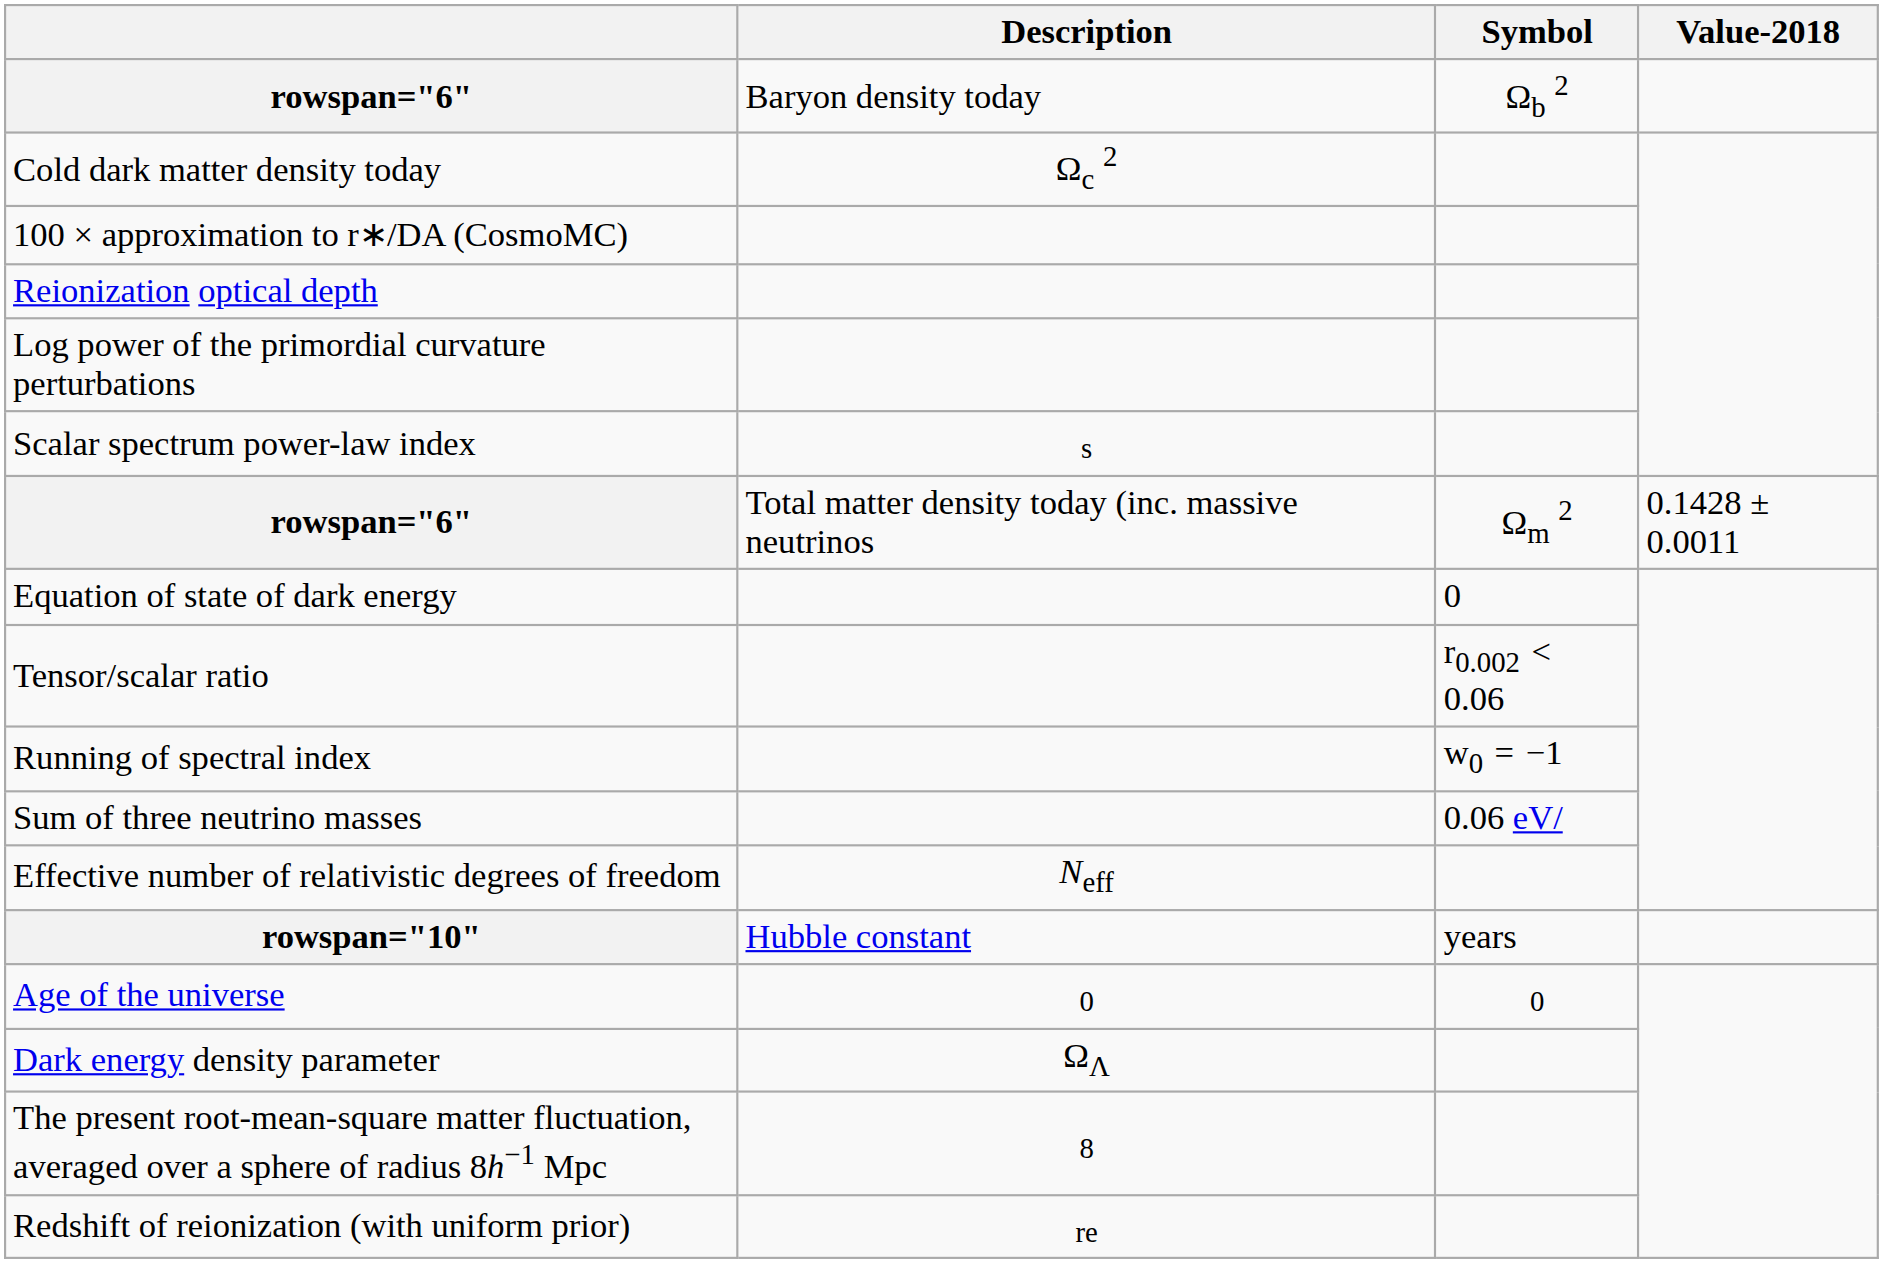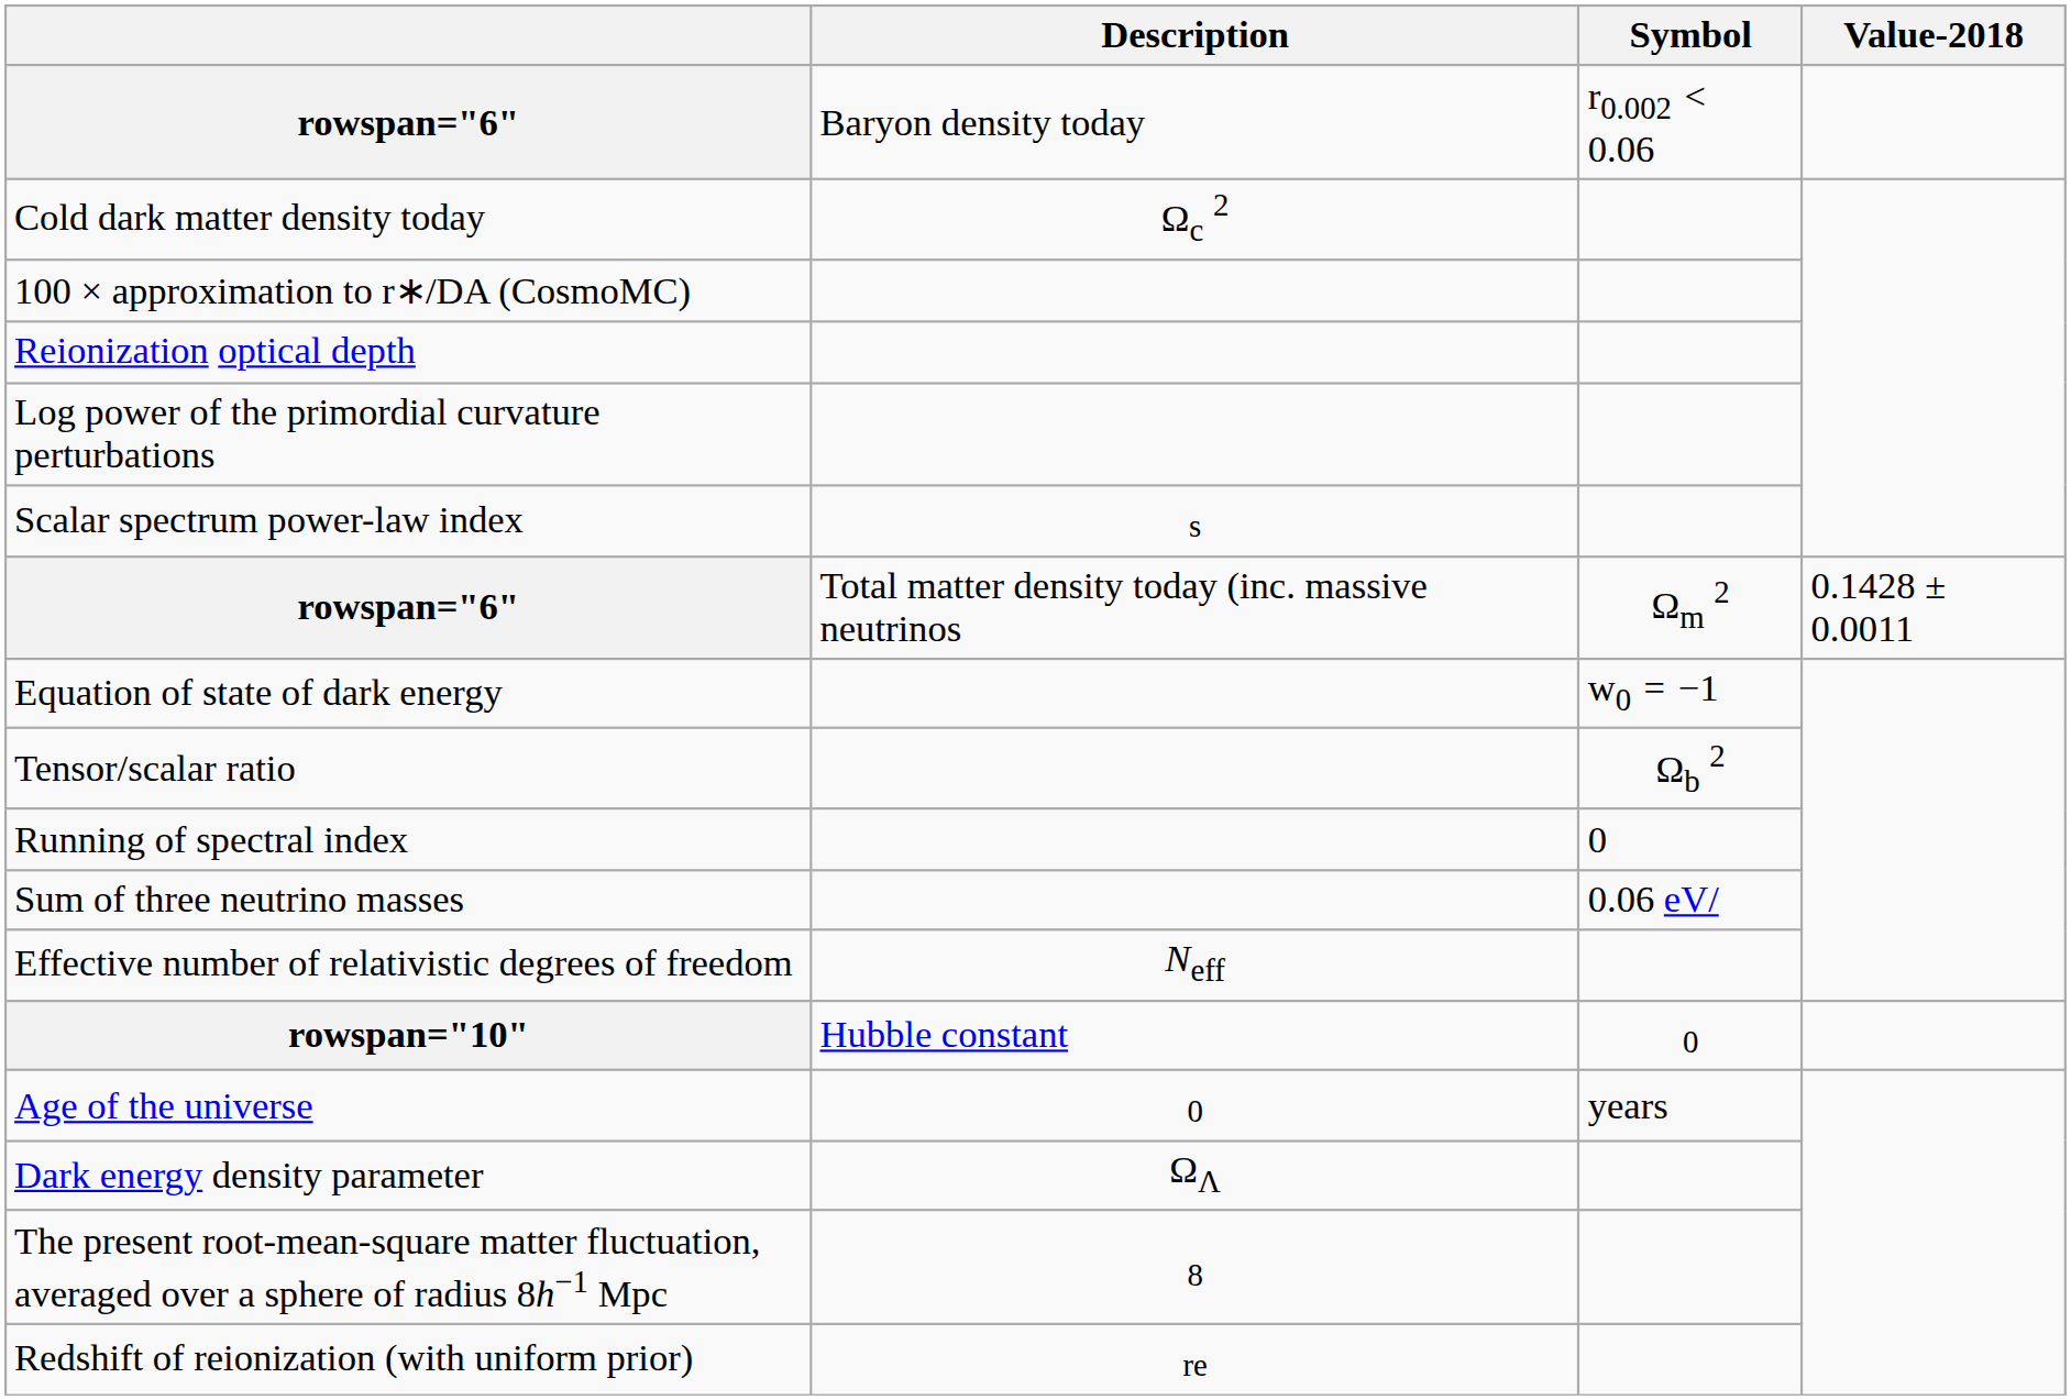 <table class="wikitable">
 <tr>
 <th>  </th>
 <th>Description</th>
 <th>Symbol</th>
 <th>Value-2018</th>
 </tr>
 <tr>
 <th>rowspan="6" </th>
 <td>Baryon density today</td>
-<td align="center">Ω<sub>b</sub> <sup>2</sup></td>
+<td>r<sub>0.002</sub> <  0.06</td>
 <td></td>
 </tr>
 <tr>
 <td>Cold dark matter density today</td>
 <td align="center">Ω<sub>c</sub> <sup>2</sup></td>
 <td></td>
 </tr>
 <tr>
 <td>100 × approximation to r∗/DA (CosmoMC)</td>
 <td align="center"></td>
 <td></td>
 </tr>
 <tr>
 <td><a href='#'>Reionization</a> <a href='#'>optical depth</a></td>
 <td align="center"></td>
 <td></td>
 </tr>
 <tr>
 <td>Log power of the primordial curvature perturbations</td>
 <td align="center"></td>
 <td></td>
 </tr>
 <tr>
 <td>Scalar spectrum power-law index</td>
 <td align="center"><sub>s</sub></td>
 <td></td>
 </tr>
 <tr>
 <th>rowspan="6" </th>
 <td>Total matter density today (inc. massive neutrinos</td>
 <td align="center">Ω<sub>m</sub> <sup>2</sup></td>
 <td>0.1428 ± 0.0011</td>
 </tr>
 <tr>
 <td>Equation of state of dark energy</td>
 <td align="center"></td>
-<td>0</td>
+<td>w<sub>0</sub> = −1</td>
 </tr>
 <tr>
 <td>Tensor/scalar ratio</td>
 <td align="center"></td>
-<td>r<sub>0.002</sub> <  0.06</td>
+<td align="center">Ω<sub>b</sub> <sup>2</sup></td>
 </tr>
 <tr>
 <td>Running of spectral index</td>
 <td align="center"></td>
-<td>w<sub>0</sub> = −1</td>
+<td>0</td>
 </tr>
 <tr>
 <td>Sum of three neutrino masses</td>
 <td align="center"></td>
 <td>0.06 <a href='#'>eV/</a></td>
 </tr>
 <tr>
 <td>Effective number of relativistic degrees of freedom</td>
 <td align="center"><em>N</em><sub>eff</sub></td>
 <td></td>
 </tr>
 <tr>
 <th>rowspan="10" </th>
 <td><a href='#'>Hubble constant</a></td>
-<td> years</td>
+<td align="center"><sub>0</sub></td>
 <td></td>
 </tr>
 <tr>
 <td><a href='#'>Age of the universe</a></td>
 <td align="center"><sub>0</sub></td>
-<td align="center"><sub>0</sub></td>
+<td> years</td>
 </tr>
 <tr>
 <td><a href='#'>Dark energy</a> density parameter</td>
 <td align="center">Ω<sub>Λ</sub></td>
 <td></td>
 </tr>
 <tr>
 <td>The present root-mean-square matter fluctuation,<br>averaged over a sphere of radius 8<em>h</em><sup>−1</sup> Mpc</td>
 <td align="center"><sub>8</sub></td>
 <td></td>
 </tr>
 <tr>
 <td>Redshift of reionization (with uniform prior)</td>
 <td align="center"><sub>re</sub></td>
 <td></td>
 </tr>
 </table>
